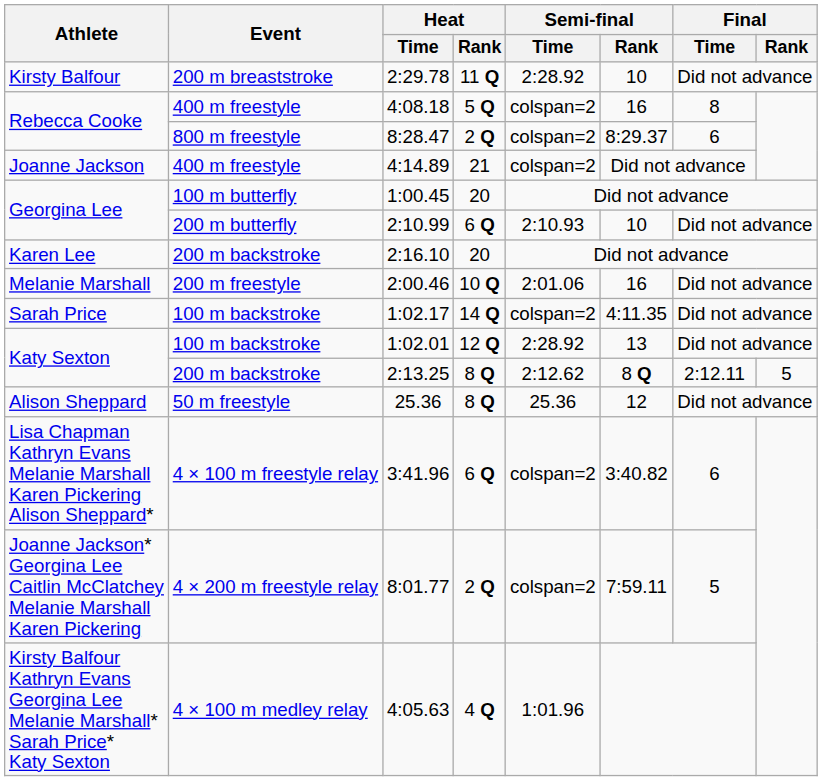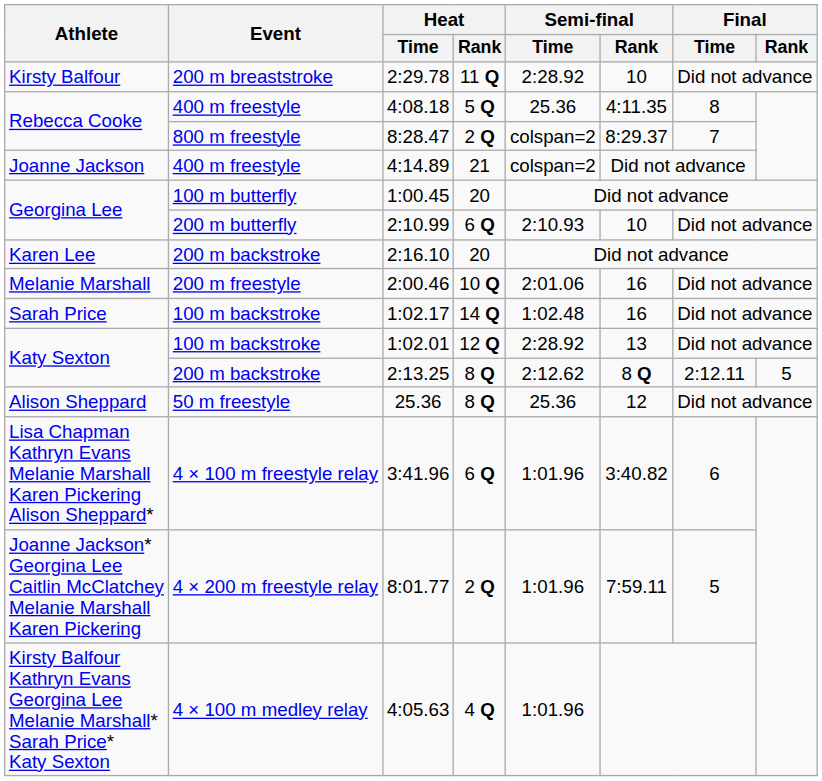 <table class=wikitable style="font-size:90%">
 <tr>
 <th rowspan="2">Athlete</th>
 <th rowspan="2">Event</th>
 <th colspan="2">Heat</th>
 <th colspan="2">Semi-final</th>
 <th colspan="2">Final</th>
 </tr>
 <tr style="font-size:95%">
 <th>Time</th>
 <th>Rank</th>
 <th>Time</th>
 <th>Rank</th>
 <th>Time</th>
 <th>Rank</th>
 </tr>
 <tr align=center>
 <td align=left><a href='#'>Kirsty Balfour</a></td>
 <td align=left><a href='#'>200 m breaststroke</a></td>
 <td>2:29.78</td>
 <td>11 <strong>Q</strong></td>
 <td>2:28.92</td>
 <td>10</td>
 <td colspan=2>Did not advance</td>
 </tr>
 <tr align=center>
 <td align=left rowspan=2><a href='#'>Rebecca Cooke</a></td>
 <td align=left><a href='#'>400 m freestyle</a></td>
 <td>4:08.18</td>
 <td>5 <strong>Q</strong></td>
-<td>colspan=2 </td>
-<td>16</td>
+<td>25.36</td>
+<td>4:11.35</td>
 <td>8</td>
 </tr>
 <tr align=center>
 <td align=left><a href='#'>800 m freestyle</a></td>
 <td>8:28.47</td>
 <td>2 <strong>Q</strong></td>
 <td>colspan=2 </td>
 <td>8:29.37</td>
-<td>6</td>
+<td>7</td>
 </tr>
 <tr align=center>
 <td align=left><a href='#'>Joanne Jackson</a></td>
 <td align=left><a href='#'>400 m freestyle</a></td>
 <td>4:14.89</td>
 <td>21</td>
 <td>colspan=2 </td>
 <td colspan=2>Did not advance</td>
 </tr>
 <tr align=center>
 <td align=left rowspan=2><a href='#'>Georgina Lee</a></td>
 <td align=left><a href='#'>100 m butterfly</a></td>
 <td>1:00.45</td>
 <td>20</td>
 <td colspan=4>Did not advance</td>
 </tr>
 <tr align=center>
 <td align=left><a href='#'>200 m butterfly</a></td>
 <td>2:10.99</td>
 <td>6 <strong>Q</strong></td>
 <td>2:10.93</td>
 <td>10</td>
 <td colspan=2>Did not advance</td>
 </tr>
 <tr align=center>
 <td align=left><a href='#'>Karen Lee</a></td>
 <td align=left><a href='#'>200 m backstroke</a></td>
 <td>2:16.10</td>
 <td>20</td>
 <td colspan=4>Did not advance</td>
 </tr>
 <tr align=center>
 <td align=left><a href='#'>Melanie Marshall</a></td>
 <td align=left><a href='#'>200 m freestyle</a></td>
 <td>2:00.46</td>
 <td>10 <strong>Q</strong></td>
 <td>2:01.06</td>
 <td>16</td>
 <td colspan=2>Did not advance</td>
 </tr>
 <tr align=center>
 <td align=left><a href='#'>Sarah Price</a></td>
 <td align=left><a href='#'>100 m backstroke</a></td>
 <td>1:02.17</td>
 <td>14 <strong>Q</strong></td>
-<td>colspan=2 </td>
-<td>4:11.35</td>
+<td>1:02.48</td>
+<td>16</td>
 <td colspan=2>Did not advance</td>
 </tr>
 <tr align=center>
 <td align=left rowspan=2><a href='#'>Katy Sexton</a></td>
 <td align=left><a href='#'>100 m backstroke</a></td>
 <td>1:02.01</td>
 <td>12 <strong>Q</strong></td>
 <td>2:28.92</td>
 <td>13</td>
 <td colspan=2>Did not advance</td>
 </tr>
 <tr align=center>
 <td align=left><a href='#'>200 m backstroke</a></td>
 <td>2:13.25</td>
 <td>8 <strong>Q</strong></td>
 <td>2:12.62</td>
 <td>8 <strong>Q</strong></td>
 <td>2:12.11</td>
 <td>5</td>
 </tr>
 <tr align=center>
 <td align=left><a href='#'>Alison Sheppard</a></td>
 <td align=left><a href='#'>50 m freestyle</a></td>
 <td>25.36</td>
 <td>8 <strong>Q</strong></td>
 <td>25.36</td>
 <td>12</td>
 <td colspan=2>Did not advance</td>
 </tr>
 <tr align=center>
 <td align=left><a href='#'>Lisa Chapman</a><br><a href='#'>Kathryn Evans</a><br><a href='#'>Melanie Marshall</a><br><a href='#'>Karen Pickering</a><br><a href='#'>Alison Sheppard</a>*</td>
 <td align=left><a href='#'>4 × 100 m freestyle relay</a></td>
 <td>3:41.96</td>
 <td>6 <strong>Q</strong></td>
-<td>colspan=2 </td>
+<td>1:01.96</td>
 <td>3:40.82</td>
 <td>6</td>
 </tr>
 <tr align=center>
 <td align=left><a href='#'>Joanne Jackson</a>*<br><a href='#'>Georgina Lee</a><br><a href='#'>Caitlin McClatchey</a><br><a href='#'>Melanie Marshall</a><br><a href='#'>Karen Pickering</a></td>
 <td align=left><a href='#'>4 × 200 m freestyle relay</a></td>
 <td>8:01.77</td>
 <td>2 <strong>Q</strong></td>
-<td>colspan=2 </td>
+<td>1:01.96</td>
 <td>7:59.11</td>
 <td>5</td>
 </tr>
 <tr align=center>
 <td align=left><a href='#'>Kirsty Balfour</a><br><a href='#'>Kathryn Evans</a><br><a href='#'>Georgina Lee</a><br><a href='#'>Melanie Marshall</a>*<br><a href='#'>Sarah Price</a>*<br><a href='#'>Katy Sexton</a></td>
 <td align=left><a href='#'>4 × 100 m medley relay</a></td>
 <td>4:05.63</td>
 <td>4 <strong>Q</strong></td>
 <td>1:01.96</td>
 <td colspan=2></td>
 </tr>
 </table>
